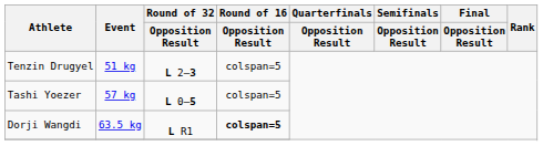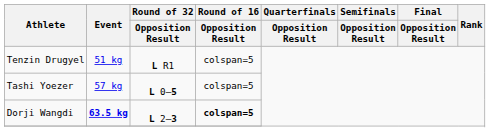 <table class=wikitable style="font-size:90%">
 <tr>
 <th rowspan=2>Athlete</th>
 <th rowspan=2>Event</th>
 <th>Round of 32</th>
 <th>Round of 16</th>
 <th>Quarterfinals</th>
 <th>Semifinals</th>
 <th>Final</th>
 <th rowspan=2>Rank</th>
 </tr>
 <tr>
 <th>Opposition<br>Result</th>
 <th>Opposition<br>Result</th>
 <th>Opposition<br>Result</th>
 <th>Opposition<br>Result</th>
 <th>Opposition<br>Result</th>
 </tr>
 <tr align=center>
 <td align=left>Tenzin Drugyel</td>
 <td><a href='#'>51 kg</a></td>
-<td><br><strong>L</strong> 2–<strong>3</strong></td>
+<td><br><strong>L</strong>  R1</td>
 <td>colspan=5 </td>
 </tr>
 <tr align=center>
 <td align=left>Tashi Yoezer</td>
 <td><a href='#'>57 kg</a></td>
 <td><br><strong>L</strong> 0–<strong>5</strong></td>
 <td>colspan=5 </td>
 </tr>
 <tr align=center>
 <td align=left>Dorji Wangdi</td>
-<td><a href='#'>63.5 kg</a></td>
-<td><br><strong>L</strong>  R1</td>
+<td><strong><a href='#'>63.5 kg</a></strong></td>
+<td><br><strong>L</strong> 2–<strong>3</strong></td>
 <td><strong>colspan=5 </strong></td>
 </tr>
 <tr align=center>
 </tr>
 </table>
